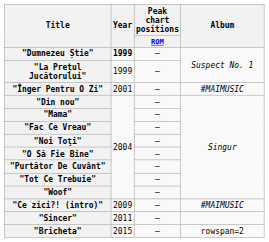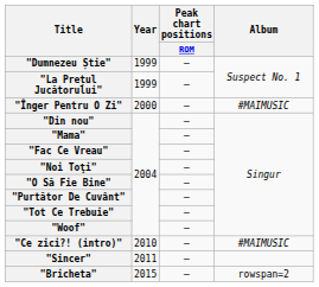 <table class="wikitable plainrowheaders" style="text-align:center;">
 <tr>
 <th scope="col" rowspan="2" style="width:13em;">Title</th>
 <th scope="col" rowspan="2">Year</th>
 <th scope="col">Peak chart positions</th>
 <th scope="col" rowspan="2" style="width:10em;">Album</th>
 </tr>
 <tr>
 <th scope="col" style="width:2.5em;font-size:90%;"><a href='#'>ROM</a></th>
 </tr>
 <tr>
 <th scope="row">"Dumnezeu Știe"<br></th>
-<td><strong>1999</strong></td>
+<td>1999</td>
 <td>—</td>
 <td rowspan=2><em>Suspect No. 1</em></td>
 </tr>
 <tr>
 <th scope="row">"La Prețul Jucătorului"<br></th>
 <td>1999</td>
 <td>—</td>
 </tr>
 <tr>
 <th scope="row">"Înger Pentru O Zi"<br></th>
-<td>2001</td>
+<td>2000</td>
 <td>—</td>
 <td><em>#MAIMUSIC</em></td>
 </tr>
 <tr>
 <th scope="row">"Din nou"</th>
 <td rowspan=8>2004</td>
 <td>—</td>
 <td rowspan=8><em>Singur</em></td>
 </tr>
 <tr>
 <th scope="row">"Mama"</th>
 <td>—</td>
 </tr>
 <tr>
 <th scope="row">"Fac Ce Vreau"</th>
 <td>—</td>
 </tr>
 <tr>
 <th scope="row">"Noi Toţi"</th>
 <td>—</td>
 </tr>
 <tr>
 <th scope="row">"O Să Fie Bine"</th>
 <td>—</td>
 </tr>
 <tr>
 <th scope="row">"Purtător De Cuvânt"</th>
 <td>—</td>
 </tr>
 <tr>
 <th scope="row">"Tot Ce Trebuie"</th>
 <td>—</td>
 </tr>
 <tr>
 <th scope="row">"Woof"<br></th>
 <td>—</td>
 </tr>
 <tr>
 <th scope="row">"Ce zici?! (intro)"</th>
-<td>2009</td>
+<td>2010</td>
 <td>—</td>
 <td><em>#MAIMUSIC</em></td>
 </tr>
 <tr>
 <th scope="row">"Sincer"</th>
 <td>2011</td>
 <td>—</td>
 </tr>
 <tr>
 <th scope="row">"Bricheta"</th>
 <td>2015</td>
 <td>—</td>
 <td>rowspan=2 </td>
 </tr>
 </table>
